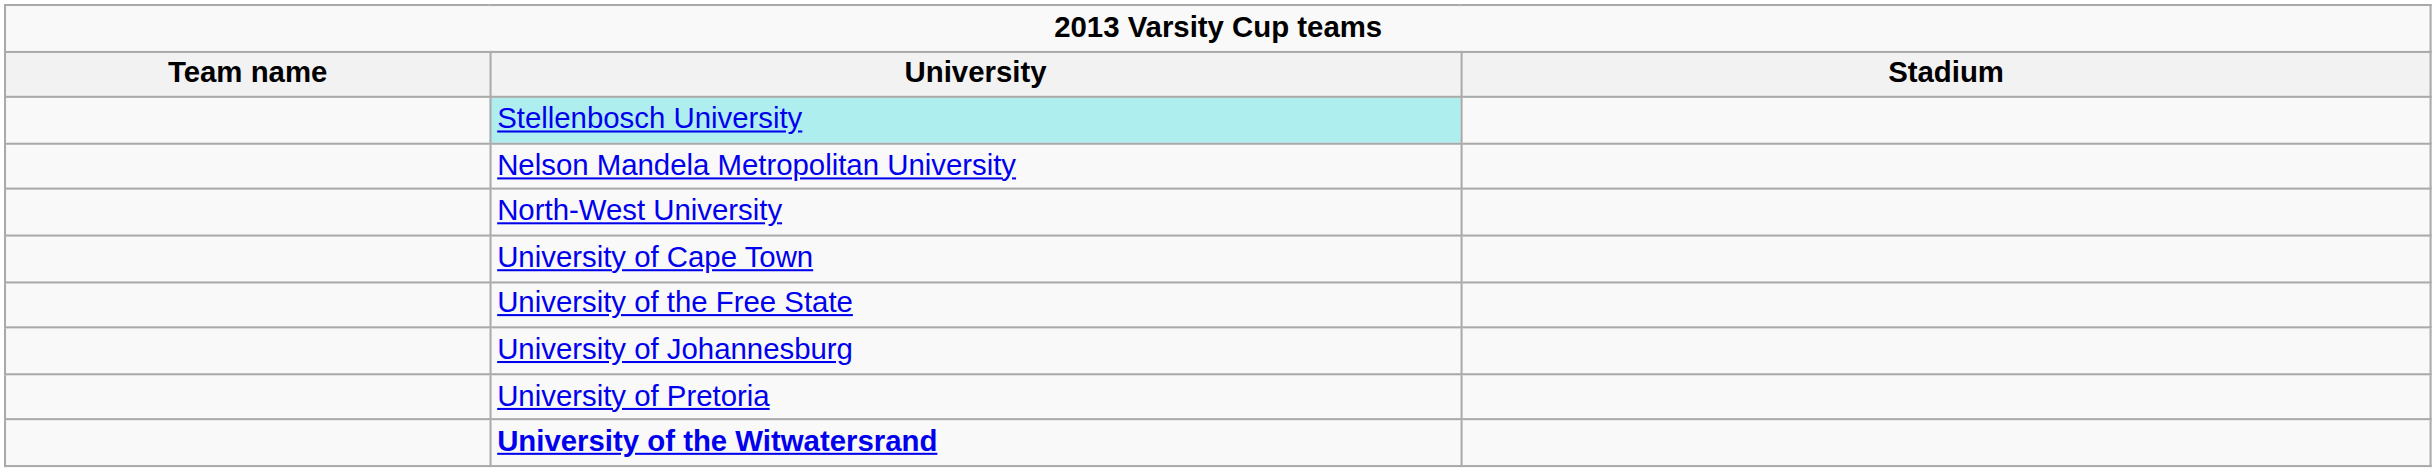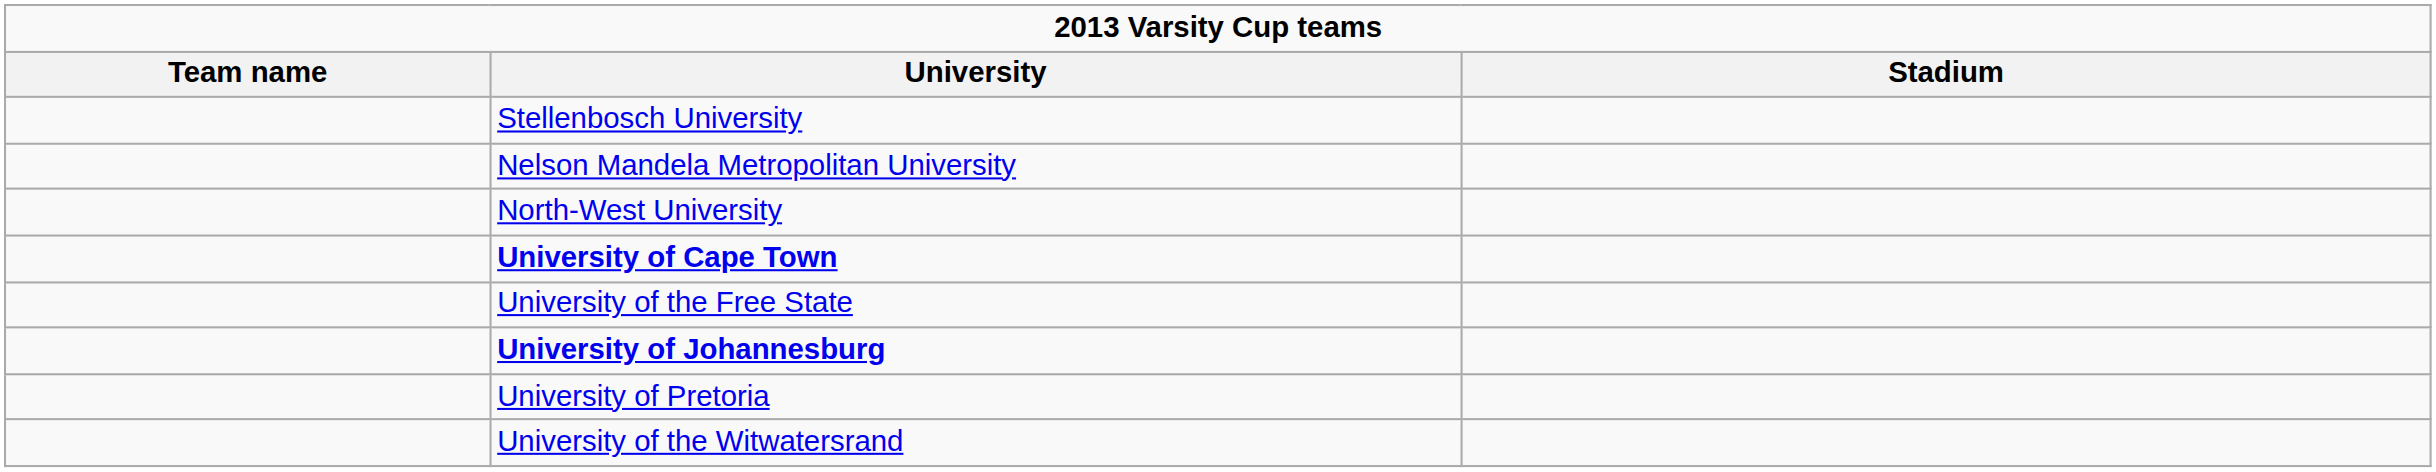 <table class="wikitable" style="text-align:left; line-height:110%; font-size:90%; width:60%;">
 <tr>
 <td colspan=4 align=center><strong>2013 Varsity Cup teams</strong></td>
 </tr>
 <tr>
 <th width="20%">Team name</th>
 <th width="40%">University</th>
 <th width="40%">Stadium</th>
 </tr>
 <tr>
 <td></td>
-<td style="background: paleturquoise;"><a href='#'>Stellenbosch University</a></td>
+<td><a href='#'>Stellenbosch University</a></td>
 <td></td>
 </tr>
 <tr>
 <td></td>
 <td><a href='#'>Nelson Mandela Metropolitan University</a></td>
 <td></td>
 </tr>
 <tr>
 <td></td>
 <td><a href='#'>North-West University</a></td>
 <td></td>
 </tr>
 <tr>
 <td></td>
-<td><a href='#'>University of Cape Town</a></td>
+<td><strong><a href='#'>University of Cape Town</a></strong></td>
 <td></td>
 </tr>
 <tr>
 <td></td>
 <td><a href='#'>University of the Free State</a></td>
 <td></td>
 </tr>
 <tr>
 <td></td>
-<td><a href='#'>University of Johannesburg</a></td>
+<td><strong><a href='#'>University of Johannesburg</a></strong></td>
 <td></td>
 </tr>
 <tr>
 <td></td>
 <td><a href='#'>University of Pretoria</a></td>
 <td></td>
 </tr>
 <tr>
 <td></td>
-<td><strong><a href='#'>University of the Witwatersrand</a></strong></td>
+<td><a href='#'>University of the Witwatersrand</a></td>
 <td></td>
 </tr>
 </table>
